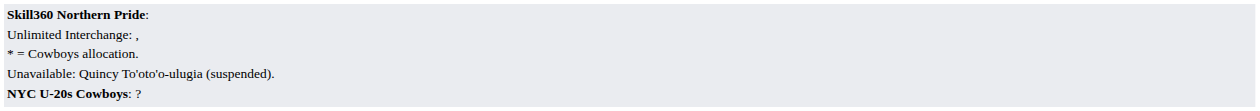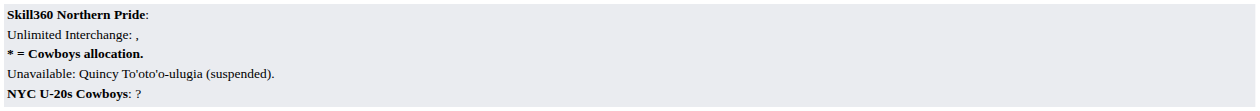 <table style="background:#eaecf0; font-size:85%; width:100%;">
 <tr>
 <td><strong>Skill360 Northern Pride</strong>:             </td>
 </tr>
 <tr>
 <td>Unlimited Interchange:      ,   </td>
 </tr>
 <tr>
-<td>* = Cowboys allocation.</td>
+<td><strong>* = Cowboys allocation.</strong></td>
 </tr>
 <tr>
 <td>Unavailable: Quincy To'oto'o-ulugia (suspended).</td>
 </tr>
 <tr>
 <td><strong>NYC U-20s Cowboys</strong>: ?</td>
 </tr>
 <tr>
 </tr>
 </table>
